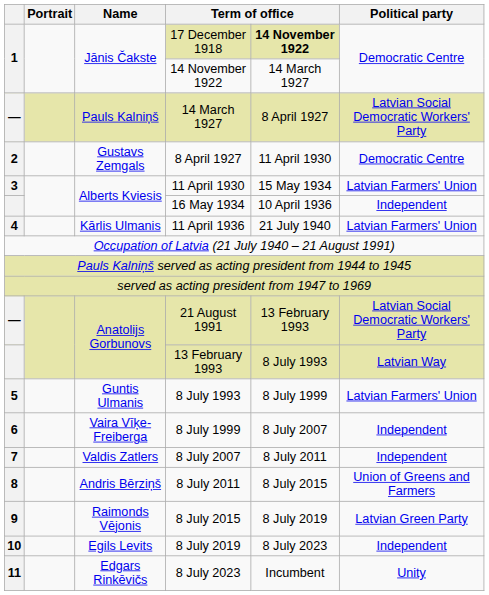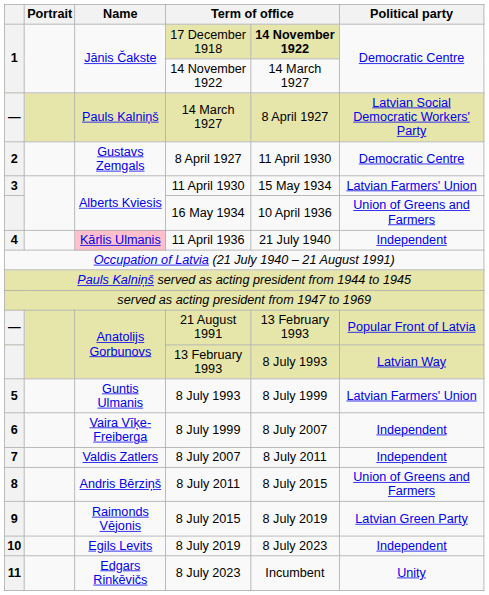 <table class="wikitable" style="text-align:center">
 <tr>
 <th></th>
 <th>Portrait</th>
 <th>Name<br></th>
 <th colspan=2>Term of office</th>
 <th>Political party</th>
 </tr>
 <tr>
 <th rowspan=2 style="background:">1</th>
 <td rowspan=2></td>
 <td rowspan=2><a href='#'>Jānis Čakste</a><br></td>
 <td bgcolor=#E6E6AA>17 December 1918</td>
 <td bgcolor=#E6E6AA><strong>14 November 1922</strong></td>
 <td rowspan=2><a href='#'>Democratic Centre</a></td>
 </tr>
 <tr>
 <td>14 November 1922</td>
 <td>14 March 1927</td>
 </tr>
 <tr bgcolor=#E6E6AA>
 <th style="background:">—</th>
 <td></td>
 <td><a href='#'>Pauls Kalniņš</a><br></td>
 <td>14 March 1927</td>
 <td>8 April 1927</td>
 <td><a href='#'>Latvian Social Democratic Workers' Party</a></td>
 </tr>
 <tr>
 <th style="background:">2</th>
 <td></td>
 <td><a href='#'>Gustavs Zemgals</a><br></td>
 <td>8 April 1927</td>
 <td>11 April 1930</td>
 <td><a href='#'>Democratic Centre</a></td>
 </tr>
 <tr>
 <th style="background:">3</th>
 <td rowspan=2></td>
 <td rowspan=2><a href='#'>Alberts Kviesis</a><br></td>
 <td>11 April 1930</td>
 <td>15 May 1934</td>
 <td><a href='#'>Latvian Farmers' Union</a></td>
 </tr>
 <tr>
 <th style="background:"></th>
 <td>16 May 1934</td>
 <td>10 April 1936</td>
-<td><a href='#'>Independent</a></td>
+<td><a href='#'>Union of Greens and Farmers</a></td>
 </tr>
 <tr>
 <th style="background:">4</th>
 <td></td>
-<td><a href='#'>Kārlis Ulmanis</a><br></td>
+<td style="background: pink;"><a href='#'>Kārlis Ulmanis</a><br></td>
 <td>11 April 1936</td>
 <td>21 July 1940</td>
-<td><a href='#'>Latvian Farmers' Union</a></td>
+<td><a href='#'>Independent</a></td>
 </tr>
 <tr>
 <td colspan=6><em><a href='#'>Occupation of Latvia</a> (21 July 1940 – 21 August 1991)</em></td>
 </tr>
 <tr>
 <td colspan=6 bgcolor="#E6E6AA"><em><a href='#'>Pauls Kalniņš</a> served as acting president from 1944 to 1945</em></td>
 </tr>
 <tr>
 <td colspan=6 bgcolor="#E6E6AA"><em> served as acting president from 1947 to 1969</em></td>
 </tr>
 <tr bgcolor=#E6E6AA>
 <th style="background:">—</th>
 <td rowspan=2></td>
 <td rowspan=2><a href='#'>Anatolijs Gorbunovs</a><br></td>
 <td>21 August 1991</td>
 <td>13 February 1993</td>
-<td><a href='#'>Latvian Social Democratic Workers' Party</a></td>
+<td><a href='#'>Popular Front of Latvia</a></td>
 </tr>
 <tr bgcolor=#E6E6AA>
 <th style="background:"></th>
 <td>13 February 1993</td>
 <td>8 July 1993</td>
 <td><a href='#'>Latvian Way</a></td>
 </tr>
 <tr>
 <th style="background:">5</th>
 <td></td>
 <td><a href='#'>Guntis Ulmanis</a><br></td>
 <td>8 July 1993</td>
 <td>8 July 1999</td>
 <td><a href='#'>Latvian Farmers' Union</a></td>
 </tr>
 <tr>
 <th style="background:">6</th>
 <td></td>
 <td><a href='#'>Vaira Vīķe-Freiberga</a><br></td>
 <td>8 July 1999</td>
 <td>8 July 2007</td>
 <td><a href='#'>Independent</a></td>
 </tr>
 <tr>
 <th style="background:">7</th>
 <td></td>
 <td><a href='#'>Valdis Zatlers</a><br></td>
 <td>8 July 2007</td>
 <td>8 July 2011</td>
 <td><a href='#'>Independent</a></td>
 </tr>
 <tr>
 <th style="background:">8</th>
 <td></td>
 <td><a href='#'>Andris Bērziņš</a><br></td>
 <td>8 July 2011</td>
 <td>8 July 2015</td>
 <td><a href='#'>Union of Greens and Farmers</a></td>
 </tr>
 <tr>
 <th style="background:">9</th>
 <td></td>
 <td><a href='#'>Raimonds Vējonis</a><br></td>
 <td>8 July 2015</td>
 <td>8 July 2019</td>
 <td><a href='#'>Latvian Green Party</a></td>
 </tr>
 <tr>
 <th style="background:">10</th>
 <td></td>
 <td><a href='#'>Egils Levits</a><br></td>
 <td>8 July 2019</td>
 <td>8 July 2023</td>
 <td><a href='#'>Independent</a></td>
 </tr>
 <tr>
 <th style="background:">11</th>
 <td></td>
 <td><a href='#'>Edgars Rinkēvičs</a><br></td>
 <td>8 July 2023</td>
 <td>Incumbent<br></td>
 <td><a href='#'>Unity</a></td>
 </tr>
 </table>
